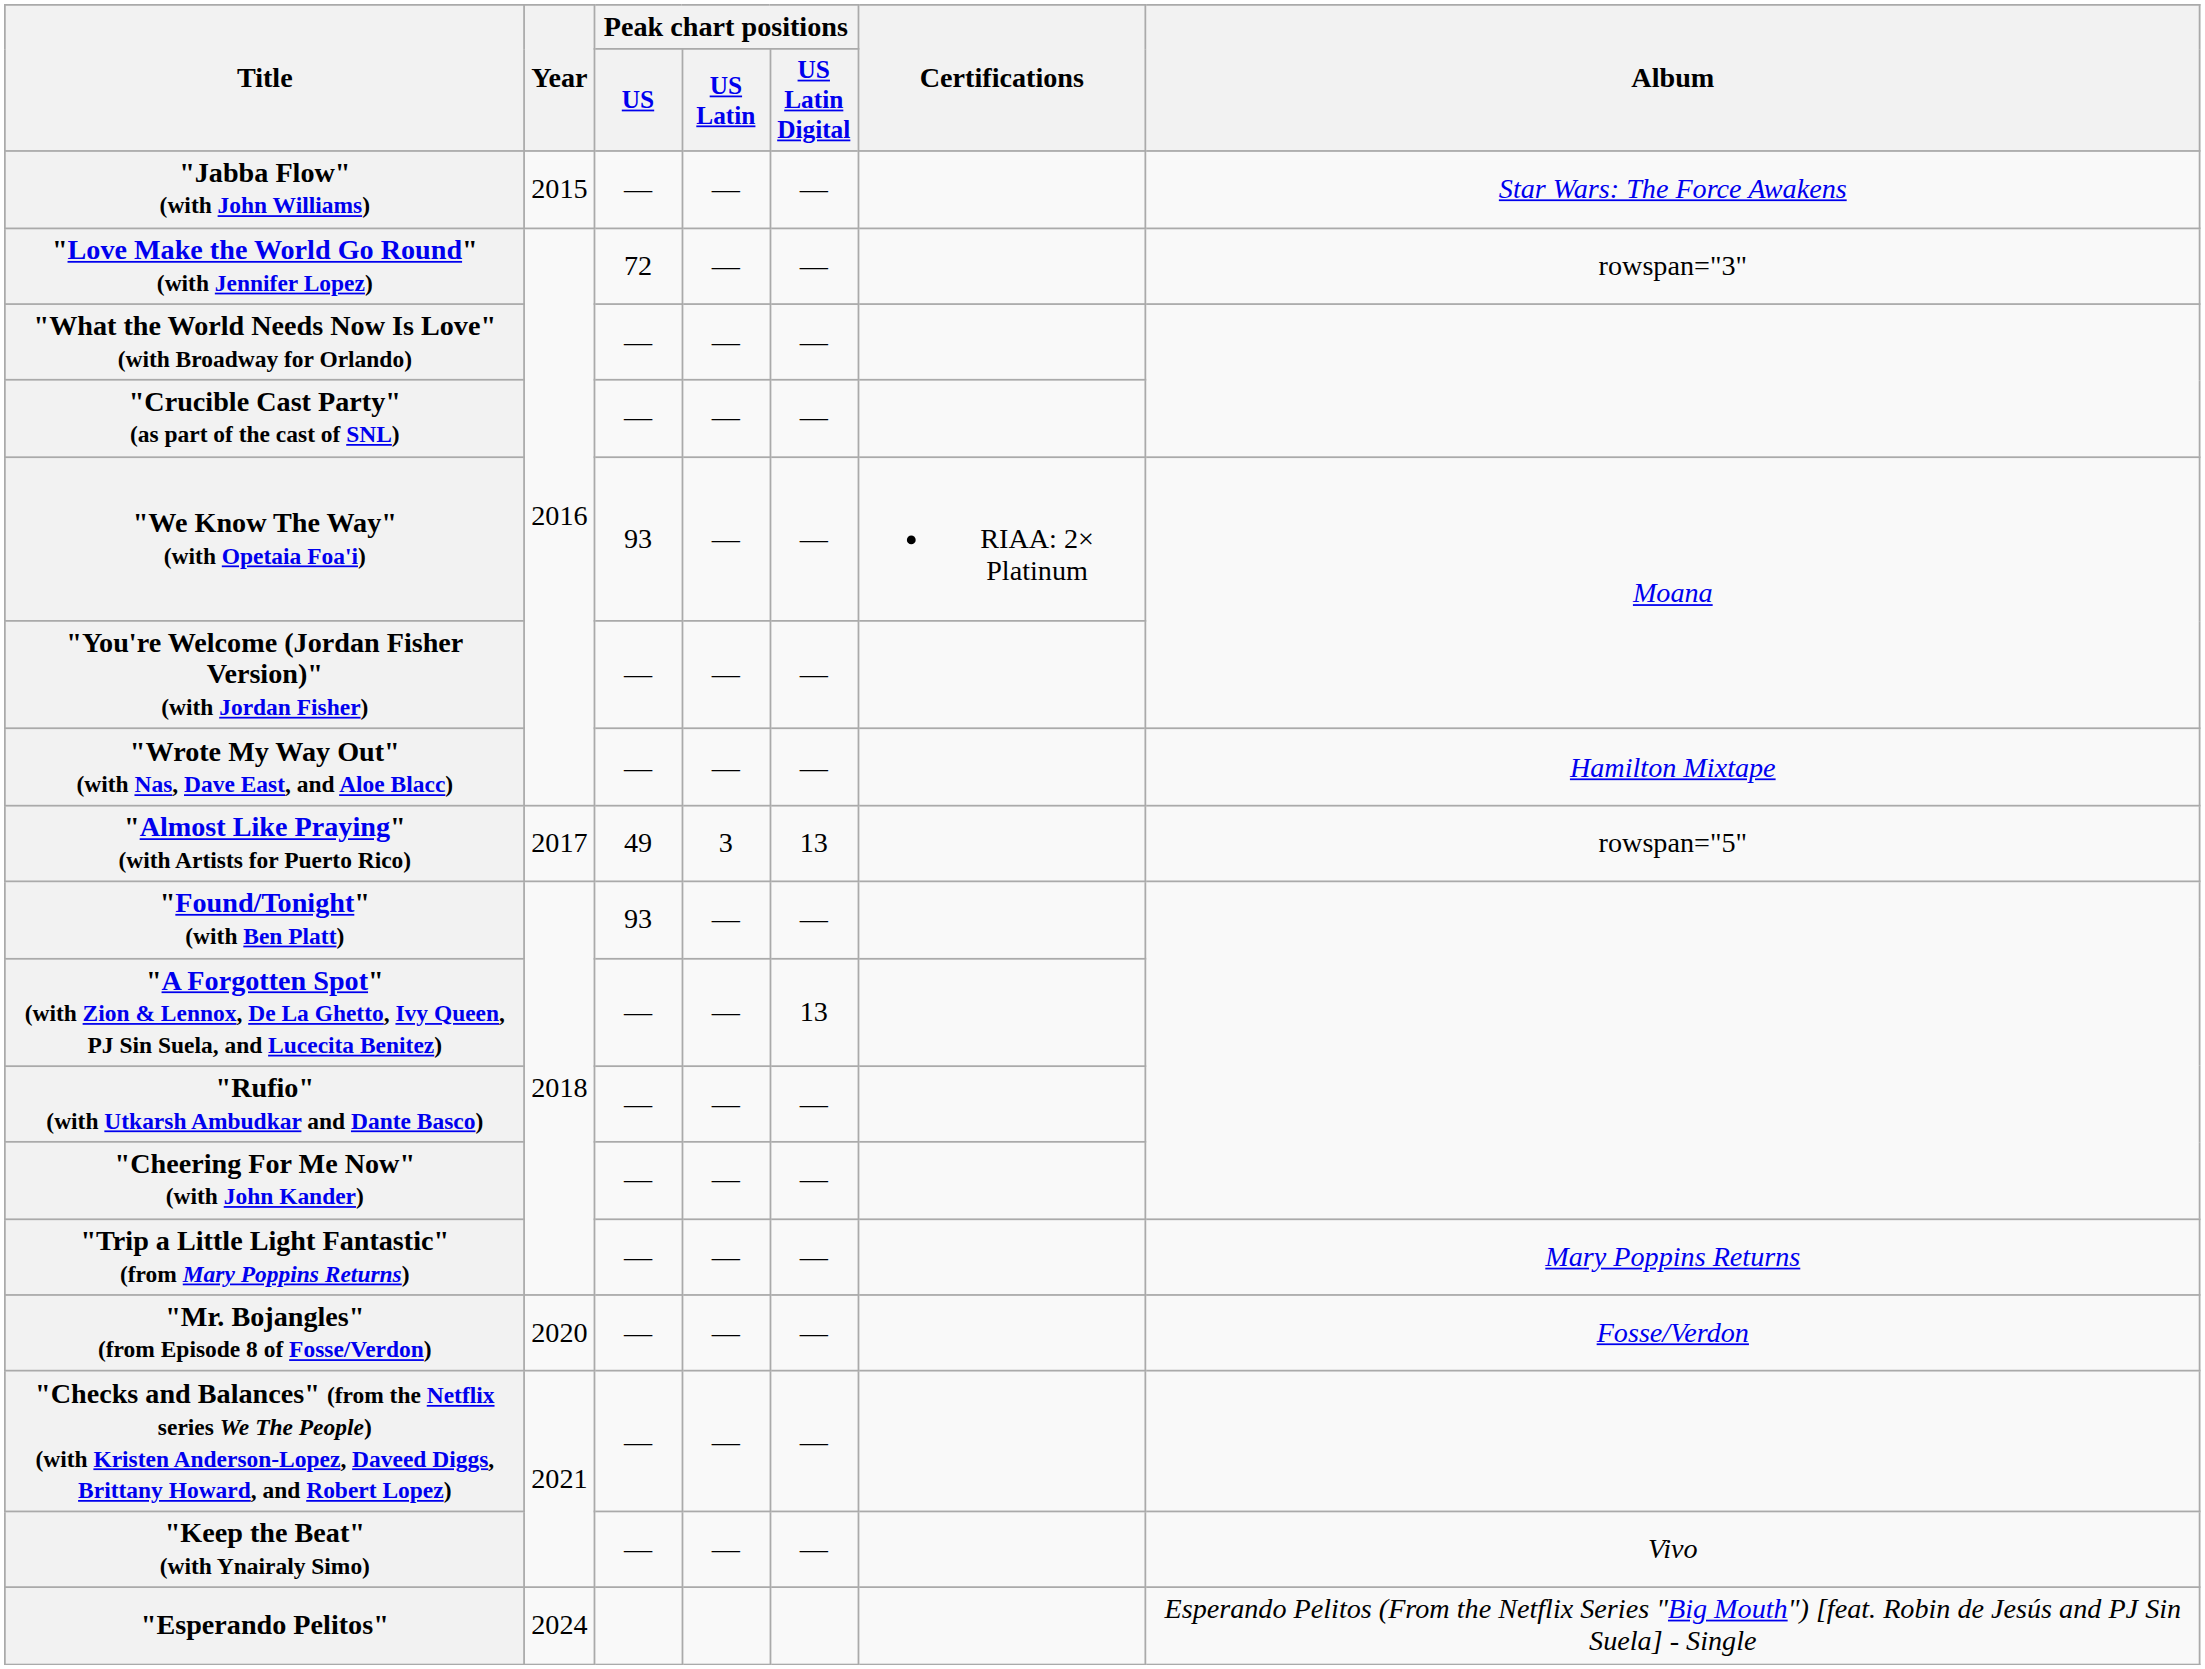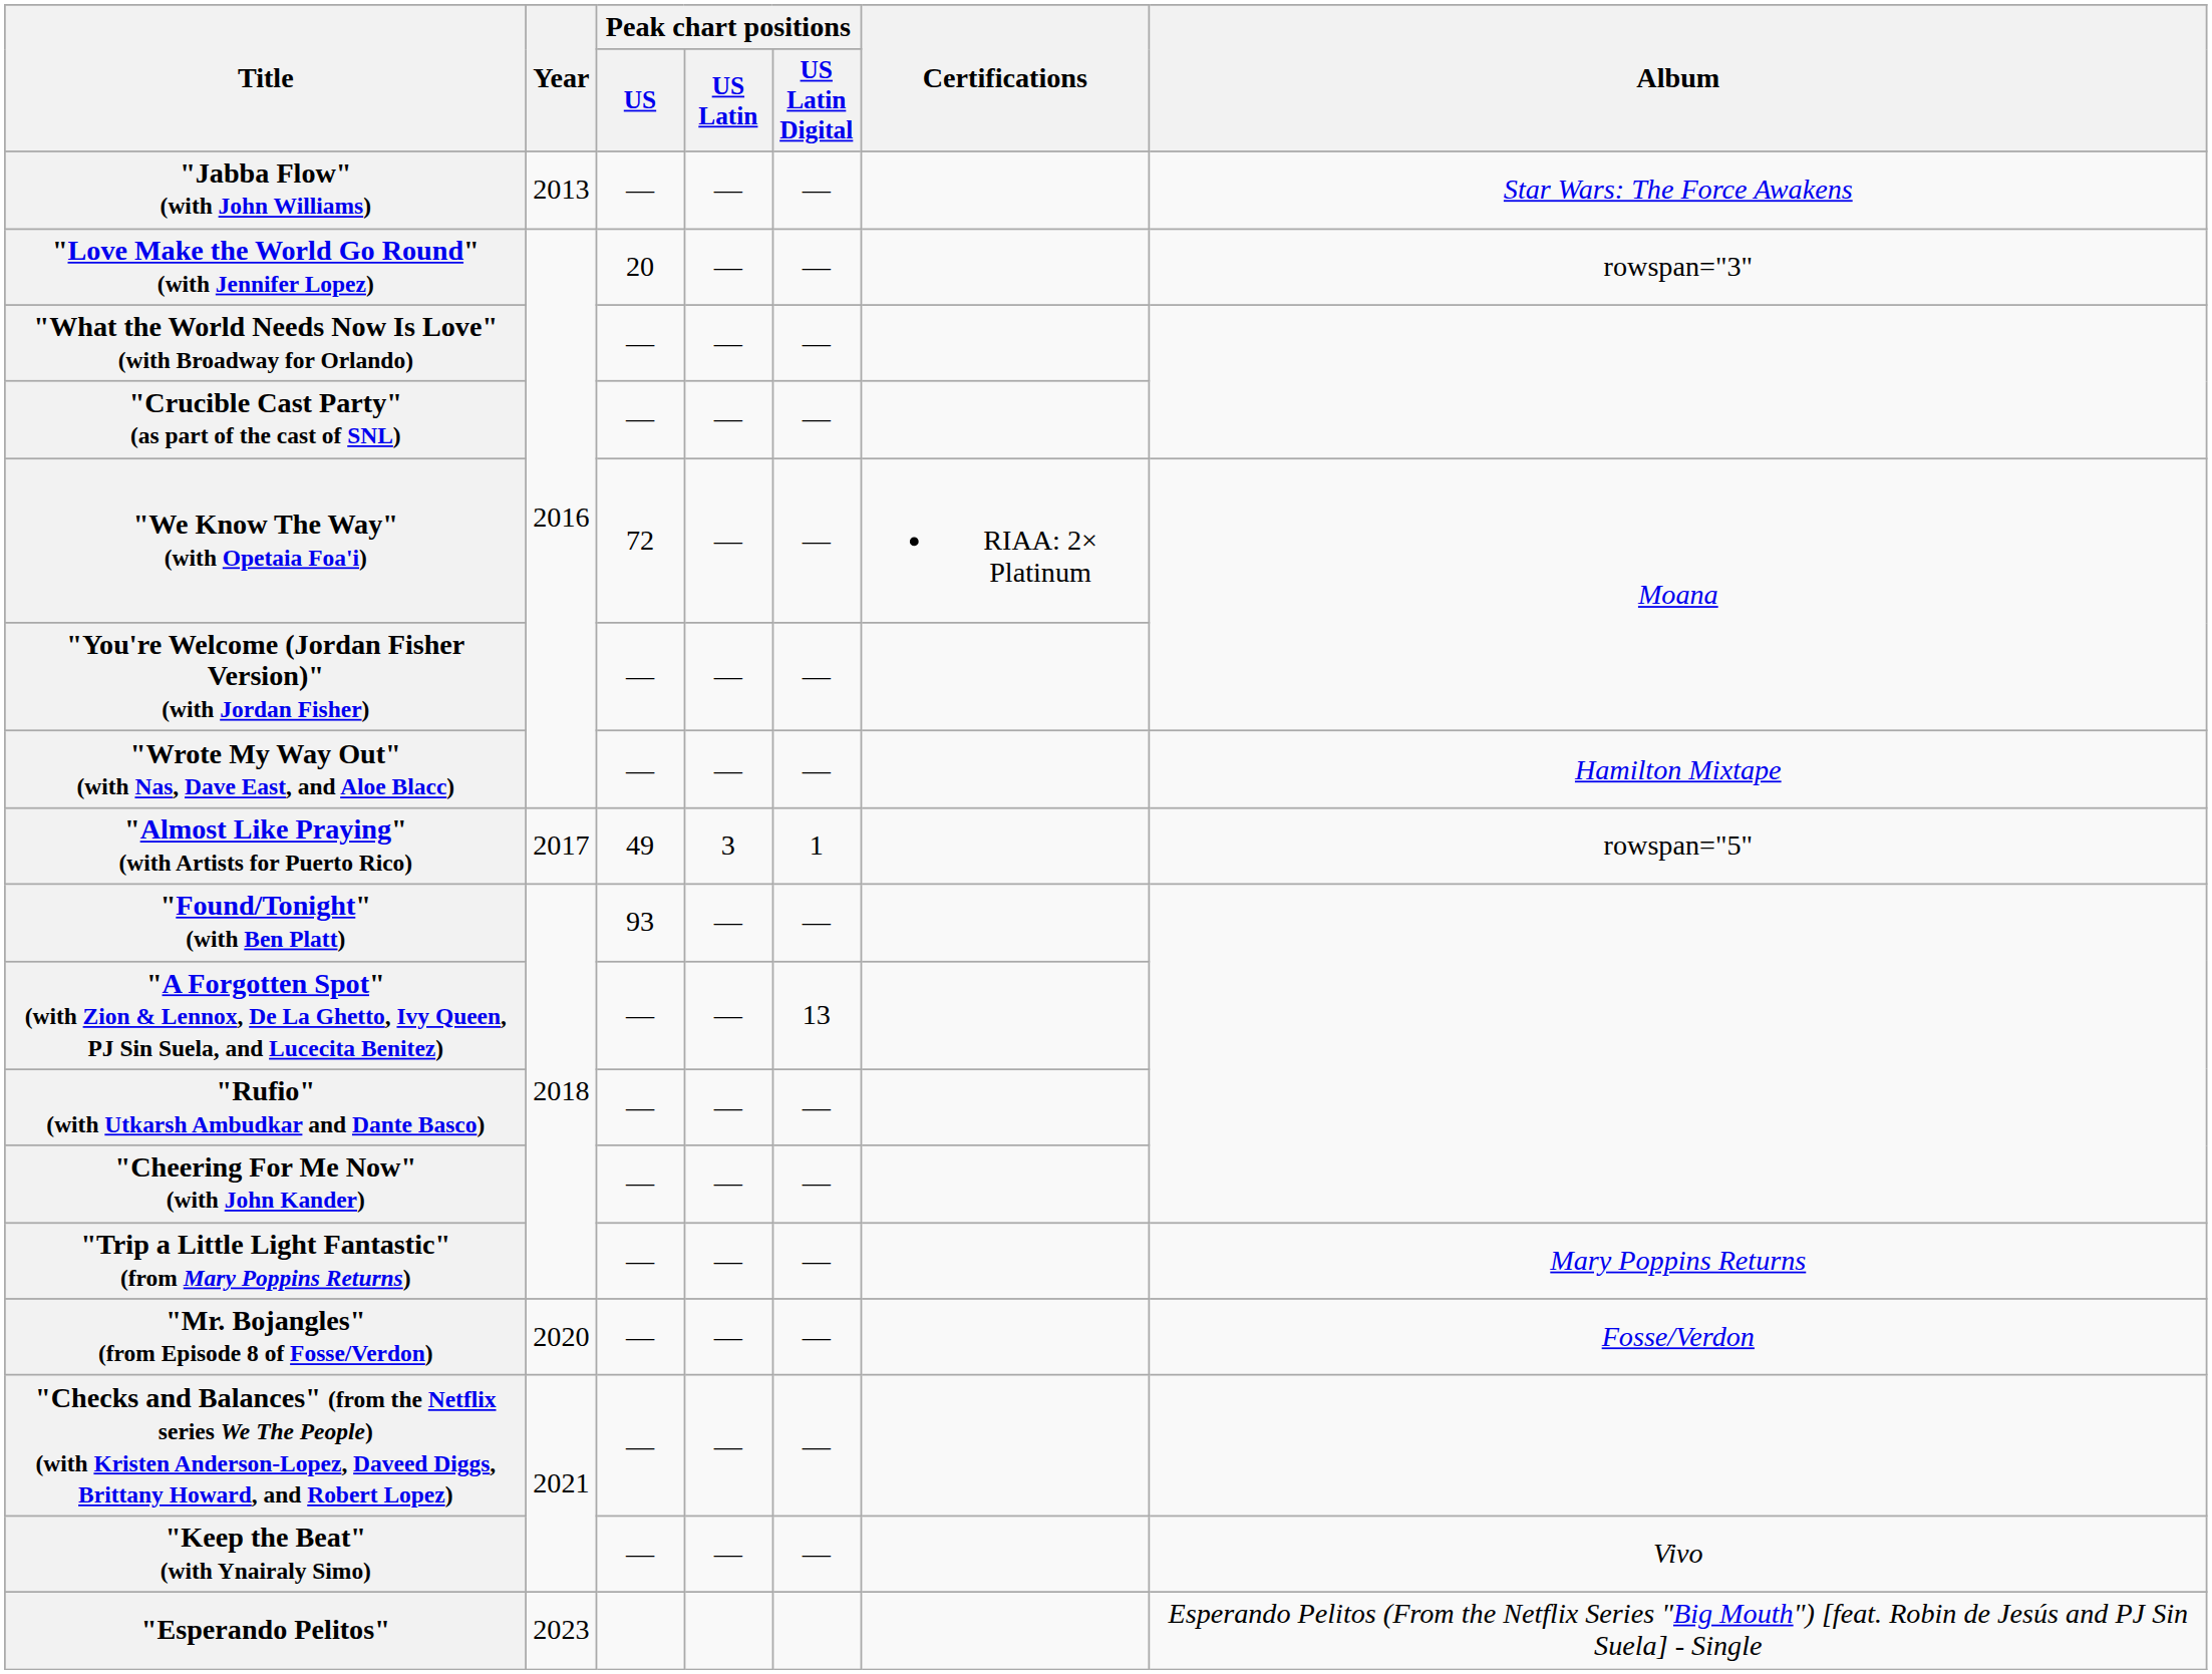 <table class="wikitable plainrowheaders" style="text-align:center;">
 <tr>
 <th scope="col" rowspan="2" style="width:18em;">Title</th>
 <th scope="col" rowspan="2">Year</th>
 <th scope="col" colspan="3">Peak chart positions</th>
 <th scope="col" rowspan="2">Certifications</th>
 <th scope="col" rowspan="2">Album</th>
 </tr>
 <tr>
 <th style="width:3em;font-size:90%"><a href='#'>US</a></th>
 <th style="width:3em;font-size:90%"><a href='#'>US Latin</a></th>
 <th style="width:3em;font-size:90%"><a href='#'>US Latin Digital</a></th>
 </tr>
 <tr>
 <th scope="row">"Jabba Flow" <br><small>(with <a href='#'>John Williams</a>)</small></th>
-<td>2015</td>
+<td>2013</td>
 <td>—</td>
 <td>—</td>
 <td>—</td>
 <td></td>
 <td><em><a href='#'>Star Wars: The Force Awakens</a></em></td>
 </tr>
 <tr>
 <th scope="row">"<a href='#'>Love Make the World Go Round</a>" <br><small>(with <a href='#'>Jennifer Lopez</a>)</small></th>
 <td rowspan="6">2016</td>
-<td>72</td>
+<td>20</td>
 <td>—</td>
 <td>—</td>
 <td></td>
 <td>rowspan="3" </td>
 </tr>
 <tr>
 <th scope="row">"What the World Needs Now Is Love" <br><small>(with Broadway for Orlando)</small></th>
 <td>—</td>
 <td>—</td>
 <td>—</td>
 <td></td>
 </tr>
 <tr>
 <th scope="row">"Crucible Cast Party" <br><small>(as part of the cast of <a href='#'>SNL</a>)</small></th>
 <td>—</td>
 <td>—</td>
 <td>—</td>
 <td></td>
 </tr>
 <tr>
 <th scope="row">"We Know The Way" <br><small>(with <a href='#'>Opetaia Foa'i</a>)</small></th>
-<td>93</td>
+<td>72</td>
 <td>—</td>
 <td>—</td>
 <td><br><ul><li>RIAA: 2× Platinum</li></ul></td>
 <td rowspan="2"><em><a href='#'>Moana</a></em></td>
 </tr>
 <tr>
 <th scope="row">"You're Welcome (Jordan Fisher Version)" <br><small>(with <a href='#'>Jordan Fisher</a>)</small></th>
 <td>—</td>
 <td>—</td>
 <td>—</td>
 <td></td>
 </tr>
 <tr>
 <th scope="row">"Wrote My Way Out" <br><small>(with <a href='#'>Nas</a>, <a href='#'>Dave East</a>, and <a href='#'>Aloe Blacc</a>)</small></th>
 <td>—</td>
 <td>—</td>
 <td>—</td>
 <td></td>
 <td><em><a href='#'>Hamilton Mixtape</a></em></td>
 </tr>
 <tr>
 <th scope="row">"<a href='#'>Almost Like Praying</a>" <br><small>(with Artists for Puerto Rico)</small></th>
 <td>2017</td>
 <td>49</td>
 <td>3</td>
-<td>13</td>
+<td>1</td>
 <td></td>
 <td>rowspan="5" </td>
 </tr>
 <tr>
 <th scope="row">"<a href='#'>Found/Tonight</a>" <br><small>(with <a href='#'>Ben Platt</a>)</small></th>
 <td rowspan="5">2018</td>
 <td>93</td>
 <td>—</td>
 <td>—</td>
 <td></td>
 </tr>
 <tr>
 <th scope="row">"<a href='#'>A Forgotten Spot</a>" <br><small>(with <a href='#'>Zion & Lennox</a>, <a href='#'>De La Ghetto</a>, <a href='#'>Ivy Queen</a>, PJ Sin Suela, and <a href='#'>Lucecita Benitez</a>)</small></th>
 <td>—</td>
 <td>—</td>
 <td>13</td>
 <td></td>
 </tr>
 <tr>
 <th scope="row">"Rufio" <br><small>(with <a href='#'>Utkarsh Ambudkar</a> and <a href='#'>Dante Basco</a>)</small></th>
 <td>—</td>
 <td>—</td>
 <td>—</td>
 <td></td>
 </tr>
 <tr>
 <th scope="row">"Cheering For Me Now" <br><small>(with <a href='#'>John Kander</a>)</small></th>
 <td>—</td>
 <td>—</td>
 <td>—</td>
 <td></td>
 </tr>
 <tr>
 <th scope="row">"Trip a Little Light Fantastic" <br><small>(from <em><a href='#'>Mary Poppins Returns</a></em>)</small></th>
 <td>—</td>
 <td>—</td>
 <td>—</td>
 <td></td>
 <td><em><a href='#'>Mary Poppins Returns</a></em></td>
 </tr>
 <tr>
 <th scope="row">"Mr. Bojangles" <br><small>(from Episode 8 of <a href='#'>Fosse/Verdon</a>)</small></th>
 <td>2020</td>
 <td>—</td>
 <td>—</td>
 <td>—</td>
 <td></td>
 <td><em><a href='#'>Fosse/Verdon</a></em></td>
 </tr>
 <tr>
 <th scope="row">"Checks and Balances" <small>(from the <a href='#'>Netflix</a> series <em>We The People</em>)<br>(with <a href='#'>Kristen Anderson-Lopez</a>, <a href='#'>Daveed Diggs</a>, <a href='#'>Brittany Howard</a>, and <a href='#'>Robert Lopez</a>)</small></th>
 <td rowspan="2">2021</td>
 <td>—</td>
 <td>—</td>
 <td>—</td>
 <td></td>
 <td></td>
 </tr>
 <tr>
 <th scope="row">"Keep the Beat" <br><small>(with Ynairaly Simo)</small></th>
 <td>—</td>
 <td>—</td>
 <td>—</td>
 <td></td>
 <td><em>Vivo</em></td>
 </tr>
 <tr>
 <th scope="row">"Esperando Pelitos"</th>
-<td>2024</td>
+<td>2023</td>
 <td></td>
 <td></td>
 <td></td>
 <td></td>
 <td><em>Esperando Pelitos (From the Netflix Series "<a href='#'>Big Mouth</a>") [feat. Robin de Jesús and PJ Sin Suela] - Single</em></td>
 </tr>
 </table>
